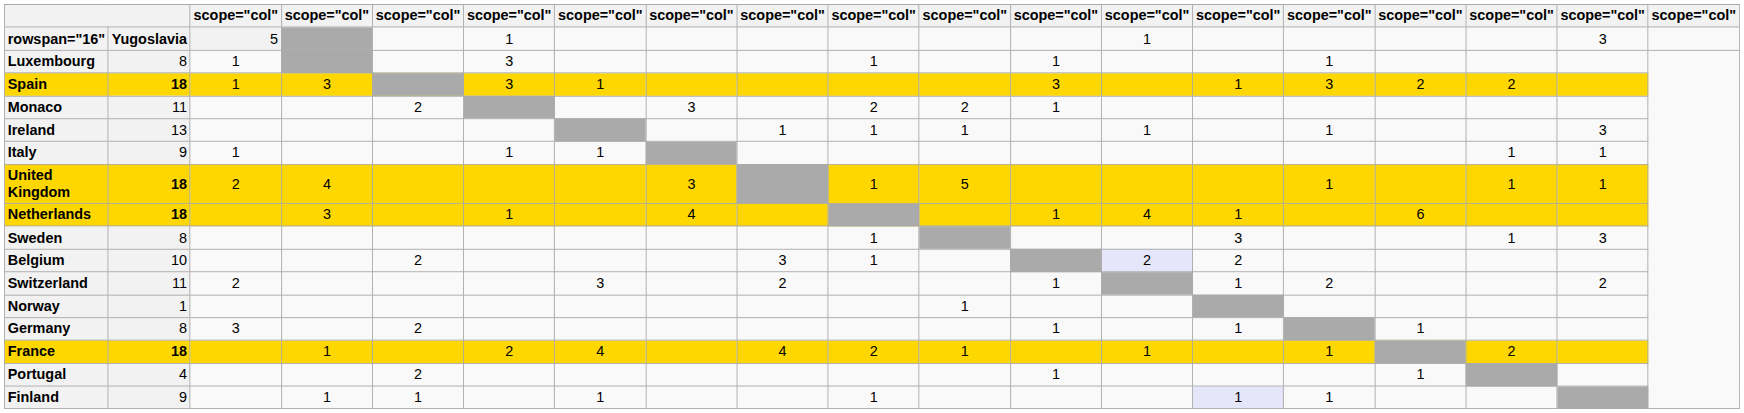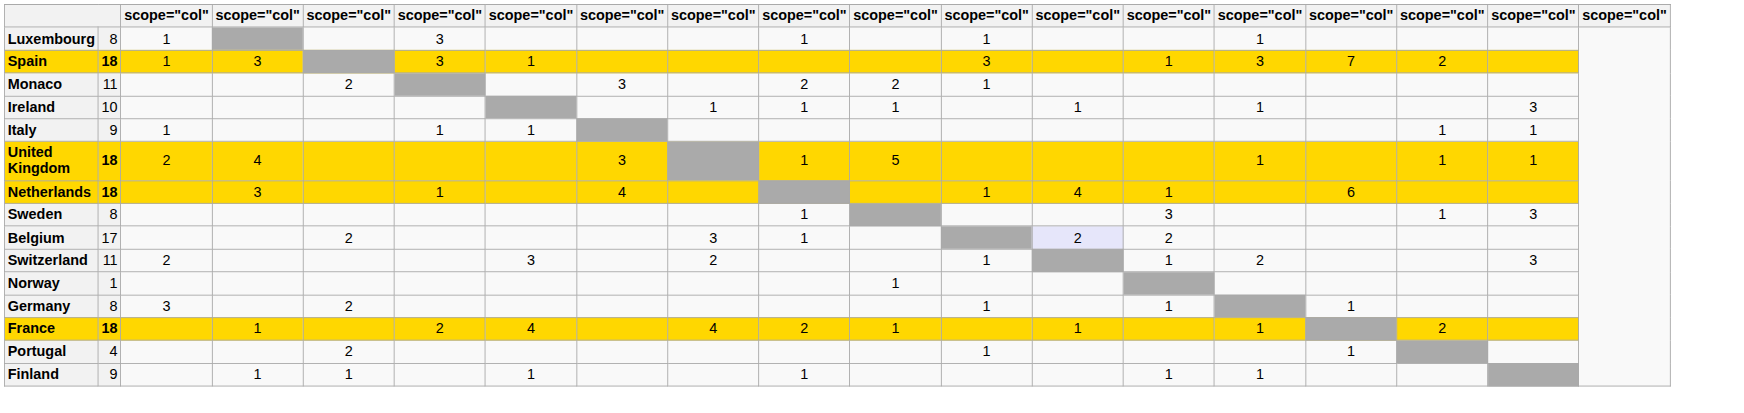 <table class="wikitable plainrowheaders" style="text-align:center;">
 <tr>
 </tr>
 <tr>
 <th colspan="2"></th>
 <th>scope="col" </th>
 <th>scope="col" </th>
 <th>scope="col" </th>
 <th>scope="col" </th>
 <th>scope="col" </th>
 <th>scope="col" </th>
 <th>scope="col" </th>
 <th>scope="col" </th>
 <th>scope="col" </th>
 <th>scope="col" </th>
 <th>scope="col" </th>
 <th>scope="col" </th>
 <th>scope="col" </th>
 <th>scope="col" </th>
 <th>scope="col" </th>
 <th>scope="col" </th>
 <th>scope="col" </th>
-</tr>
-<tr>
-<th>rowspan="16" </th>
-<th scope="row" style="text-align:left; background:#f2f2f2;">Yugoslavia</th>
-<td style="text-align:right; background:#f2f2f2;">5</td>
-<td style="text-align:left; background:#aaa;"></td>
-<td></td>
-<td>1</td>
-<td></td>
-<td></td>
-<td></td>
-<td></td>
-<td></td>
-<td></td>
-<td>1</td>
-<td></td>
-<td></td>
-<td></td>
-<td></td>
-<td>3</td>
-<td></td>
 </tr>
 <tr>
 <th scope="row" style="text-align:left; background:#f2f2f2;">Luxembourg</th>
 <td style="text-align:right; background:#f2f2f2;">8</td>
 <td>1</td>
 <td style="text-align:left; background:#aaa;"></td>
 <td></td>
 <td>3</td>
 <td></td>
 <td></td>
 <td></td>
 <td>1</td>
 <td></td>
 <td>1</td>
 <td></td>
 <td></td>
 <td>1</td>
 <td></td>
 <td></td>
 <td></td>
 </tr>
 <tr style="background:gold;">
 <th scope="row" style="text-align:left; font-weight:bold; background:gold;">Spain</th>
 <td style="text-align:right; font-weight:bold;">18</td>
 <td>1</td>
 <td>3</td>
 <td style="text-align:left; background:#aaa;"></td>
 <td>3</td>
 <td>1</td>
 <td></td>
 <td></td>
 <td></td>
 <td></td>
 <td>3</td>
 <td></td>
 <td>1</td>
 <td>3</td>
-<td>2</td>
+<td>7</td>
 <td>2</td>
 <td></td>
 </tr>
 <tr>
 <th scope="row" style="text-align:left; background:#f2f2f2;">Monaco</th>
 <td style="text-align:right; background:#f2f2f2;">11</td>
 <td></td>
 <td></td>
 <td>2</td>
 <td style="text-align:left; background:#aaa;"></td>
 <td></td>
 <td>3</td>
 <td></td>
 <td>2</td>
 <td>2</td>
 <td>1</td>
 <td></td>
 <td></td>
 <td></td>
 <td></td>
 <td></td>
 <td></td>
 </tr>
 <tr>
 <th scope="row" style="text-align:left; background:#f2f2f2;">Ireland</th>
-<td style="text-align:right; background:#f2f2f2;">13</td>
+<td style="text-align:right; background:#f2f2f2;">10</td>
 <td></td>
 <td></td>
 <td></td>
 <td></td>
 <td style="text-align:left; background:#aaa;"></td>
 <td></td>
 <td>1</td>
 <td>1</td>
 <td>1</td>
 <td></td>
 <td>1</td>
 <td></td>
 <td>1</td>
 <td></td>
 <td></td>
 <td>3</td>
 </tr>
 <tr>
 <th scope="row" style="text-align:left; background:#f2f2f2;">Italy</th>
 <td style="text-align:right; background:#f2f2f2;">9</td>
 <td>1</td>
 <td></td>
 <td></td>
 <td>1</td>
 <td>1</td>
 <td style="text-align:left; background:#aaa;"></td>
 <td></td>
 <td></td>
 <td></td>
 <td></td>
 <td></td>
 <td></td>
 <td></td>
 <td></td>
 <td>1</td>
 <td>1</td>
 </tr>
 <tr style="background:gold;">
 <th scope="row" style="text-align:left; font-weight:bold; background:gold;">United Kingdom</th>
 <td style="text-align:right; font-weight:bold;">18</td>
 <td>2</td>
 <td>4</td>
 <td></td>
 <td></td>
 <td></td>
 <td>3</td>
 <td style="text-align:left; background:#aaa;"></td>
 <td>1</td>
 <td>5</td>
 <td></td>
 <td></td>
 <td></td>
 <td>1</td>
 <td></td>
 <td>1</td>
 <td>1</td>
 </tr>
 <tr style="background:gold;">
 <th scope="row" style="text-align:left; font-weight:bold; background:gold;">Netherlands</th>
 <td style="text-align:right; font-weight:bold;">18</td>
 <td></td>
 <td>3</td>
 <td></td>
 <td>1</td>
 <td></td>
 <td>4</td>
 <td></td>
 <td style="text-align:left; background:#aaa;"></td>
 <td></td>
 <td>1</td>
 <td>4</td>
 <td>1</td>
 <td></td>
 <td>6</td>
 <td></td>
 <td></td>
 </tr>
 <tr>
 <th scope="row" style="text-align:left; background:#f2f2f2;">Sweden</th>
 <td style="text-align:right; background:#f2f2f2;">8</td>
 <td></td>
 <td></td>
 <td></td>
 <td></td>
 <td></td>
 <td></td>
 <td></td>
 <td>1</td>
 <td style="text-align:left; background:#aaa;"></td>
 <td></td>
 <td></td>
 <td>3</td>
 <td></td>
 <td></td>
 <td>1</td>
 <td>3</td>
 </tr>
 <tr>
 <th scope="row" style="text-align:left; background:#f2f2f2;">Belgium</th>
-<td style="text-align:right; background:#f2f2f2;">10</td>
+<td style="text-align:right; background:#f2f2f2;">17</td>
 <td></td>
 <td></td>
 <td>2</td>
 <td></td>
 <td></td>
 <td></td>
 <td>3</td>
 <td>1</td>
 <td></td>
 <td style="text-align:left; background:#aaa;"></td>
 <td style="background: lavender;">2</td>
 <td>2</td>
 <td></td>
 <td></td>
 <td></td>
 <td></td>
 </tr>
 <tr>
 <th scope="row" style="text-align:left; background:#f2f2f2;">Switzerland</th>
 <td style="text-align:right; background:#f2f2f2;">11</td>
 <td>2</td>
 <td></td>
 <td></td>
 <td></td>
 <td>3</td>
 <td></td>
 <td>2</td>
 <td></td>
 <td></td>
 <td>1</td>
 <td style="text-align:left; background:#aaa;"></td>
 <td>1</td>
 <td>2</td>
 <td></td>
 <td></td>
-<td>2</td>
+<td>3</td>
 </tr>
 <tr>
 <th scope="row" style="text-align:left; background:#f2f2f2;">Norway</th>
 <td style="text-align:right; background:#f2f2f2;">1</td>
 <td></td>
 <td></td>
 <td></td>
 <td></td>
 <td></td>
 <td></td>
 <td></td>
 <td></td>
 <td>1</td>
 <td></td>
 <td></td>
 <td style="text-align:left; background:#aaa;"></td>
 <td></td>
 <td></td>
 <td></td>
 <td></td>
 </tr>
 <tr>
 <th scope="row" style="text-align:left; background:#f2f2f2;">Germany</th>
 <td style="text-align:right; background:#f2f2f2;">8</td>
 <td>3</td>
 <td></td>
 <td>2</td>
 <td></td>
 <td></td>
 <td></td>
 <td></td>
 <td></td>
 <td></td>
 <td>1</td>
 <td></td>
 <td>1</td>
 <td style="text-align:left; background:#aaa;"></td>
 <td>1</td>
 <td></td>
 <td></td>
 </tr>
 <tr style="background:gold;">
 <th scope="row" style="text-align:left; font-weight:bold; background:gold;">France</th>
 <td style="text-align:right; font-weight:bold;">18</td>
 <td></td>
 <td>1</td>
 <td></td>
 <td>2</td>
 <td>4</td>
 <td></td>
 <td>4</td>
 <td>2</td>
 <td>1</td>
 <td></td>
 <td>1</td>
 <td></td>
 <td>1</td>
 <td style="text-align:left; background:#aaa;"></td>
 <td>2</td>
 <td></td>
 </tr>
 <tr>
 <th scope="row" style="text-align:left; background:#f2f2f2;">Portugal</th>
 <td style="text-align:right; background:#f2f2f2;">4</td>
 <td></td>
 <td></td>
 <td>2</td>
 <td></td>
 <td></td>
 <td></td>
 <td></td>
 <td></td>
 <td></td>
 <td>1</td>
 <td></td>
 <td></td>
 <td></td>
 <td>1</td>
 <td style="text-align:left; background:#aaa;"></td>
 <td></td>
 </tr>
 <tr>
 <th scope="row" style="text-align:left; background:#f2f2f2;">Finland</th>
 <td style="text-align:right; background:#f2f2f2;">9</td>
 <td></td>
 <td>1</td>
 <td>1</td>
 <td></td>
 <td>1</td>
 <td></td>
 <td></td>
 <td>1</td>
 <td></td>
 <td></td>
 <td></td>
-<td style="background: lavender;">1</td>
+<td>1</td>
 <td>1</td>
 <td></td>
 <td></td>
 <td style="text-align:left; background:#aaa;"></td>
 </tr>
 </table>
